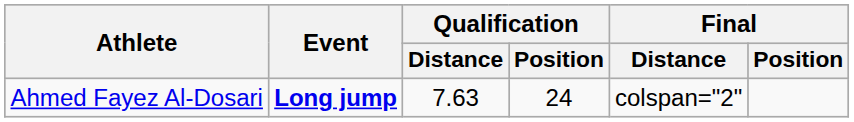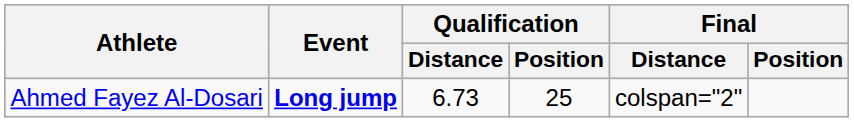 <table class=wikitable style="font-size:90%">
 <tr>
 <th rowspan="2">Athlete</th>
 <th rowspan="2">Event</th>
 <th colspan="2">Qualification</th>
 <th colspan="2">Final</th>
 </tr>
 <tr style="font-size:95%">
 <th>Distance</th>
 <th>Position</th>
 <th>Distance</th>
 <th>Position</th>
 </tr>
 <tr style=text-align:center>
 <td style=text-align:left><a href='#'>Ahmed Fayez Al-Dosari</a></td>
 <td style=text-align:left><strong><a href='#'>Long jump</a></strong></td>
-<td>7.63</td>
-<td>24</td>
+<td>6.73</td>
+<td>25</td>
 <td>colspan="2" </td>
 </tr>
 </table>
